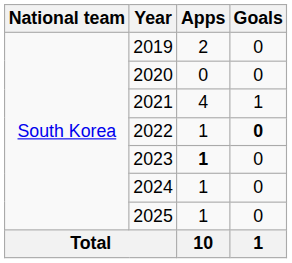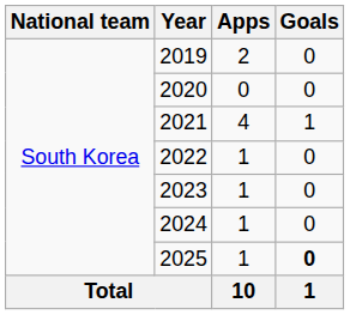 <table class="wikitable" style="text-align:center">
 <tr>
 <th>National team</th>
 <th>Year</th>
 <th>Apps</th>
 <th>Goals</th>
 </tr>
 <tr>
 <td rowspan="7"><a href='#'>South Korea</a></td>
 <td>2019</td>
 <td>2</td>
 <td>0</td>
 </tr>
 <tr>
 <td>2020</td>
 <td>0</td>
 <td>0</td>
 </tr>
 <tr>
 <td>2021</td>
 <td>4</td>
 <td>1</td>
 </tr>
 <tr>
 <td>2022</td>
 <td>1</td>
-<td><strong>0</strong></td>
+<td>0</td>
 </tr>
 <tr>
 <td>2023</td>
-<td><strong>1</strong></td>
+<td>1</td>
 <td>0</td>
 </tr>
 <tr>
 <td>2024</td>
 <td>1</td>
 <td>0</td>
 </tr>
 <tr>
 <td>2025</td>
 <td>1</td>
-<td>0</td>
+<td><strong>0</strong></td>
 </tr>
 <tr>
 <th colspan="2">Total</th>
 <th>10</th>
 <th>1</th>
 </tr>
 </table>
